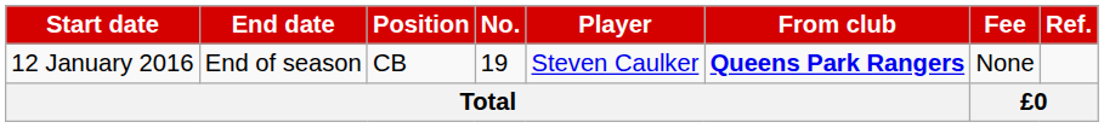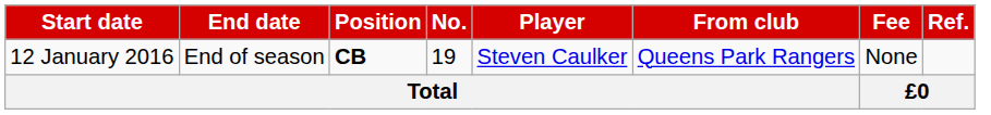 <table class="wikitable sortable">
 <tr>
 <th style="background:#d50000; color:white;">Start date</th>
 <th style="background:#d50000; color:white;">End date</th>
 <th style="background:#d50000; color:white;">Position</th>
 <th style="background:#d50000; color:white;">No.</th>
 <th style="background:#d50000; color:white;">Player</th>
 <th style="background:#d50000; color:white;">From club</th>
 <th style="background:#d50000; color:white;">Fee</th>
 <th style="background:#d50000; color:white;">Ref.</th>
 </tr>
 <tr>
 <td>12 January 2016</td>
 <td>End of season</td>
-<td>CB</td>
+<td><strong>CB</strong></td>
 <td>19</td>
 <td> <a href='#'>Steven Caulker</a></td>
-<td><strong> <a href='#'>Queens Park Rangers</a></strong></td>
+<td> <a href='#'>Queens Park Rangers</a></td>
 <td>None</td>
 <td></td>
 </tr>
 <tr>
 <th colspan="6">Total</th>
 <th colspan="3">£0</th>
 </tr>
 </table>
